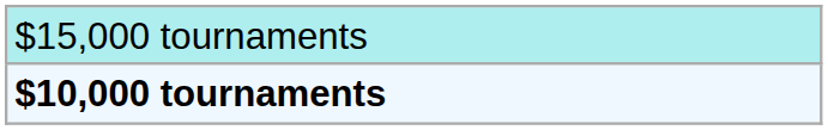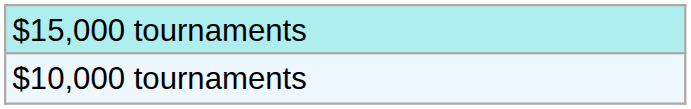 <table class="wikitable"  style="font-size:85%; width:15%;">
 <tr style="background:#afeeee;">
 <td>$15,000 tournaments</td>
 </tr>
 <tr style="background:#f0f8ff;">
-<td><strong>$10,000 tournaments</strong></td>
+<td>$10,000 tournaments</td>
 </tr>
 </table>
